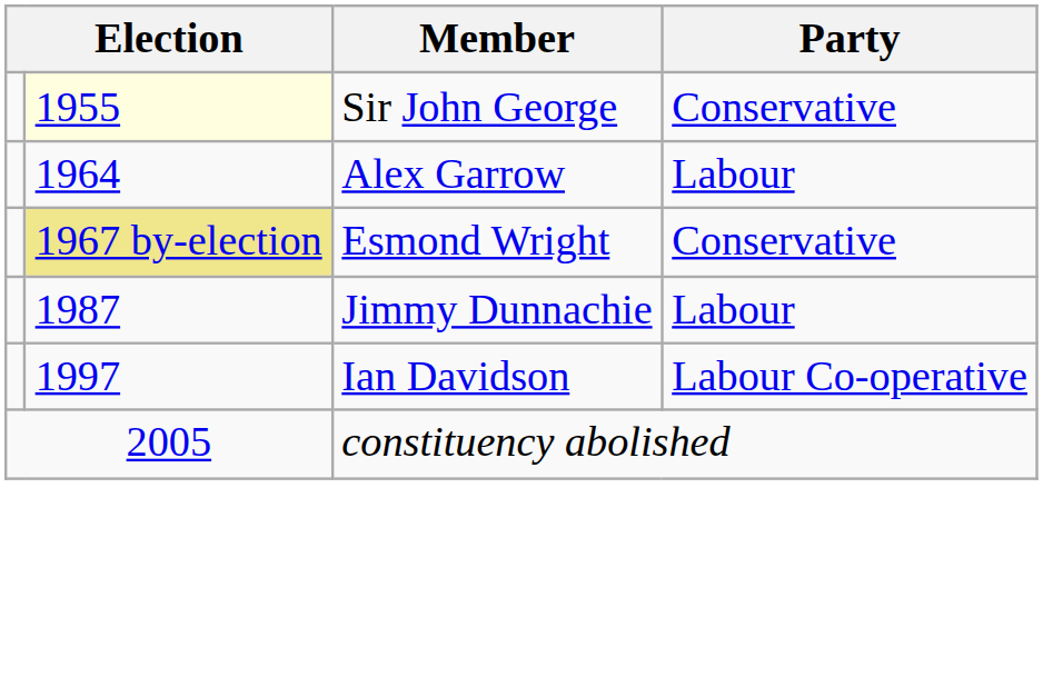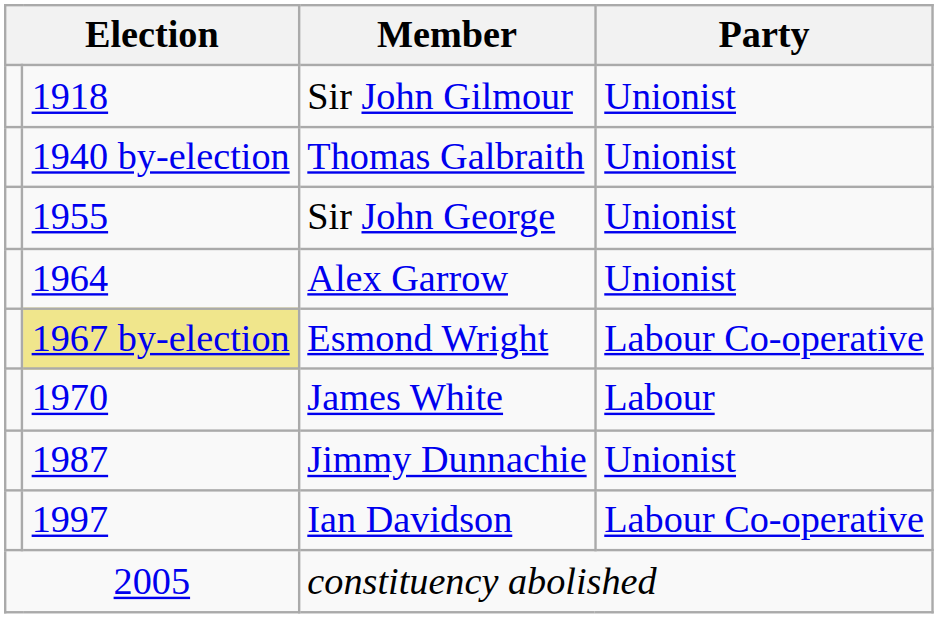 <table class="wikitable">
 <tr>
 <th colspan="2">Election</th>
 <th>Member</th>
 <th>Party</th>
 </tr>
 <tr>
 <td style="color:inherit;background-color: "></td>
-<td style="background: lightyellow;"><a href='#'>1955</a></td>
+<td><a href='#'>1918</a></td>
+<td>Sir <a href='#'>John Gilmour</a></td>
+<td><a href='#'>Unionist</a></td>
+</tr>
+<tr>
+<td style="color:inherit;background-color: "></td>
+<td><a href='#'>1940 by-election</a></td>
+<td><a href='#'>Thomas Galbraith</a></td>
+<td><a href='#'>Unionist</a></td>
+</tr>
+<tr>
+<td style="color:inherit;background-color: "></td>
+<td><a href='#'>1955</a></td>
 <td>Sir <a href='#'>John George</a></td>
-<td><a href='#'>Conservative</a></td>
+<td><a href='#'>Unionist</a></td>
 </tr>
 <tr>
 <td style="color:inherit;background-color: "></td>
 <td><a href='#'>1964</a></td>
 <td><a href='#'>Alex Garrow</a></td>
-<td><a href='#'>Labour</a></td>
+<td><a href='#'>Unionist</a></td>
 </tr>
 <tr>
 <td style="color:inherit;background-color: "></td>
 <td style="background: khaki;"><a href='#'>1967 by-election</a></td>
 <td><a href='#'>Esmond Wright</a></td>
-<td><a href='#'>Conservative</a></td>
+<td><a href='#'>Labour Co-operative</a></td>
+</tr>
+<tr>
+<td style="color:inherit;background-color: "></td>
+<td><a href='#'>1970</a></td>
+<td><a href='#'>James White</a></td>
+<td><a href='#'>Labour</a></td>
 </tr>
 <tr>
 <td style="color:inherit;background-color: "></td>
 <td><a href='#'>1987</a></td>
 <td><a href='#'>Jimmy Dunnachie</a></td>
-<td><a href='#'>Labour</a></td>
+<td><a href='#'>Unionist</a></td>
 </tr>
 <tr>
 <td style="color:inherit;background-color: "></td>
 <td><a href='#'>1997</a></td>
 <td><a href='#'>Ian Davidson</a></td>
 <td><a href='#'>Labour Co-operative</a></td>
 </tr>
 <tr>
 <td colspan="2" align="center"><a href='#'>2005</a></td>
 <td colspan="2"><em>constituency abolished</em></td>
 </tr>
 </table>
